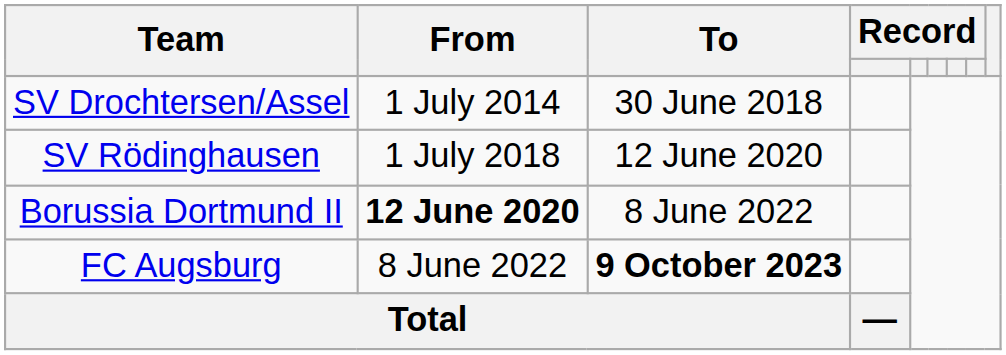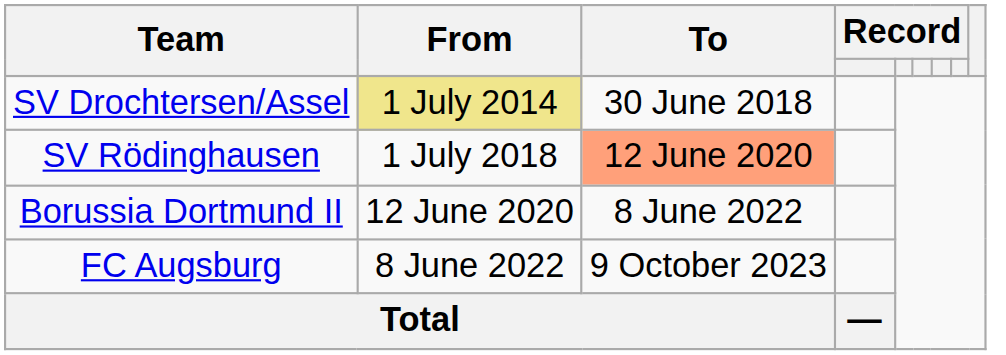 <table class="wikitable" style="text-align: center">
 <tr>
 <th rowspan="2">Team</th>
 <th rowspan="2">From</th>
 <th rowspan="2">To</th>
 <th colspan="5">Record</th>
 <th rowspan="2"></th>
 </tr>
 <tr>
 <th></th>
 <th></th>
 <th></th>
 <th></th>
 <th></th>
 </tr>
 <tr>
 <td><a href='#'>SV Drochtersen/Assel</a></td>
-<td>1 July 2014</td>
+<td style="background: khaki;">1 July 2014</td>
 <td>30 June 2018<br></td>
 <td></td>
 </tr>
 <tr>
 <td><a href='#'>SV Rödinghausen</a></td>
 <td>1 July 2018</td>
-<td>12 June 2020<br></td>
+<td style="background: lightsalmon;">12 June 2020<br></td>
 <td></td>
 </tr>
 <tr>
 <td><a href='#'>Borussia Dortmund II</a></td>
-<td><strong>12 June 2020</strong></td>
+<td>12 June 2020</td>
 <td>8 June 2022<br></td>
 <td></td>
 </tr>
 <tr>
 <td><a href='#'>FC Augsburg</a></td>
 <td>8 June 2022</td>
-<td><strong>9 October 2023<br></strong></td>
+<td>9 October 2023<br></td>
 <td></td>
 </tr>
 <tr>
 <th colspan="3">Total<br></th>
 <th>—</th>
 </tr>
 </table>
